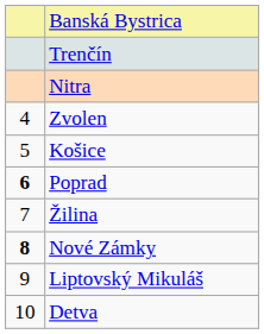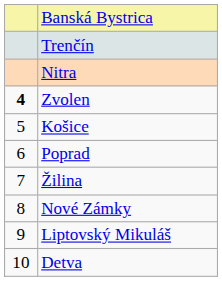 <table class="wikitable" style="width:200px;">
 <tr style="background:#F7F6A8;">
 <td align=center></td>
 <td><a href='#'>Banská Bystrica</a></td>
 </tr>
 <tr style="background:#DCE5E5;">
 <td align=center></td>
 <td><a href='#'>Trenčín</a></td>
 </tr>
 <tr style="background:#FFDAB9;">
 <td align=center></td>
 <td><a href='#'>Nitra</a></td>
 </tr>
 <tr>
-<td align=center>4</td>
+<td align=center><strong>4</strong></td>
 <td><a href='#'>Zvolen</a></td>
 </tr>
 <tr>
 <td align=center>5</td>
 <td><a href='#'>Košice</a></td>
 </tr>
 <tr>
-<td align=center><strong>6</strong></td>
+<td align=center>6</td>
 <td><a href='#'>Poprad</a></td>
 </tr>
 <tr>
 <td align=center>7</td>
 <td><a href='#'>Žilina</a></td>
 </tr>
 <tr>
-<td align=center><strong>8</strong></td>
+<td align=center>8</td>
 <td><a href='#'>Nové Zámky</a></td>
 </tr>
 <tr>
 <td align=center>9</td>
 <td><a href='#'>Liptovský Mikuláš</a></td>
 </tr>
 <tr>
 <td align=center>10</td>
 <td><a href='#'>Detva</a></td>
 </tr>
 </table>
